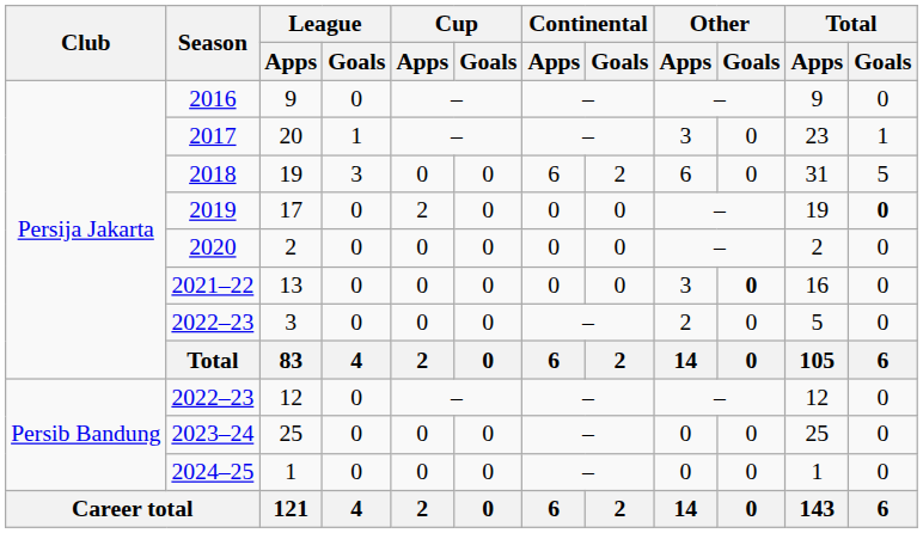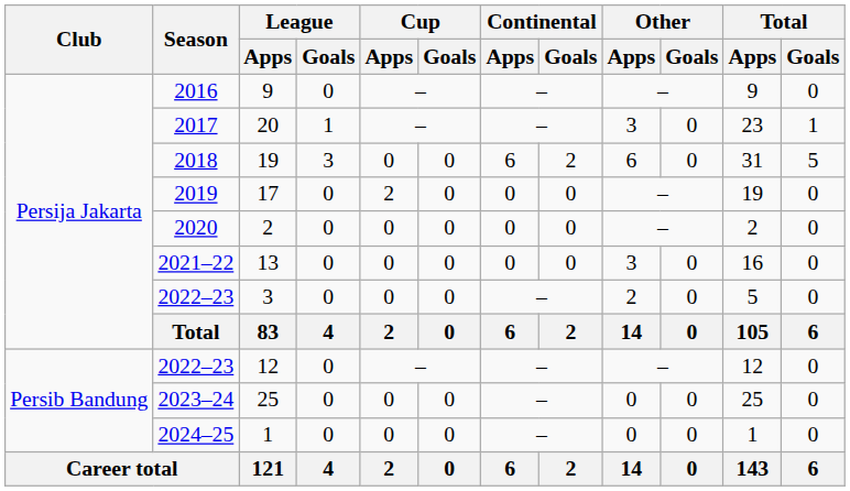 <table class=wikitable style="text-align:center">
 <tr>
 <th rowspan="2">Club</th>
 <th rowspan="2">Season</th>
 <th colspan="2">League</th>
 <th colspan="2">Cup</th>
 <th colspan="2">Continental</th>
 <th colspan="2">Other</th>
 <th colspan="2">Total</th>
 </tr>
 <tr>
 <th>Apps</th>
 <th>Goals</th>
 <th>Apps</th>
 <th>Goals</th>
 <th>Apps</th>
 <th>Goals</th>
 <th>Apps</th>
 <th>Goals</th>
 <th>Apps</th>
 <th>Goals</th>
 </tr>
 <tr>
 <td rowspan="8"><a href='#'>Persija Jakarta</a></td>
 <td><a href='#'>2016</a></td>
 <td>9</td>
 <td>0</td>
 <td colspan=2>–</td>
 <td colspan=2>–</td>
 <td colspan=2>–</td>
 <td>9</td>
 <td>0</td>
 </tr>
 <tr>
 <td><a href='#'>2017</a></td>
 <td>20</td>
 <td>1</td>
 <td colspan=2>–</td>
 <td colspan=2>–</td>
 <td>3</td>
 <td>0</td>
 <td>23</td>
 <td>1</td>
 </tr>
 <tr>
 <td><a href='#'>2018</a></td>
 <td>19</td>
 <td>3</td>
 <td>0</td>
 <td>0</td>
 <td>6</td>
 <td>2</td>
 <td>6</td>
 <td>0</td>
 <td>31</td>
 <td>5</td>
 </tr>
 <tr>
 <td><a href='#'>2019</a></td>
 <td>17</td>
 <td>0</td>
 <td>2</td>
 <td>0</td>
 <td>0</td>
 <td>0</td>
 <td colspan=2>–</td>
 <td>19</td>
-<td><strong>0</strong></td>
+<td>0</td>
 </tr>
 <tr>
 <td><a href='#'>2020</a></td>
 <td>2</td>
 <td>0</td>
 <td>0</td>
 <td>0</td>
 <td>0</td>
 <td>0</td>
 <td colspan=2>–</td>
 <td>2</td>
 <td>0</td>
 </tr>
 <tr>
 <td><a href='#'>2021–22</a></td>
 <td>13</td>
 <td>0</td>
 <td>0</td>
 <td>0</td>
 <td>0</td>
 <td>0</td>
 <td>3</td>
-<td><strong>0</strong></td>
+<td>0</td>
 <td>16</td>
 <td>0</td>
 </tr>
 <tr>
 <td><a href='#'>2022–23</a></td>
 <td>3</td>
 <td>0</td>
 <td>0</td>
 <td>0</td>
 <td colspan="2">–</td>
 <td>2</td>
 <td>0</td>
 <td>5</td>
 <td>0</td>
 </tr>
 <tr>
 <th colspan="1">Total</th>
 <th>83</th>
 <th>4</th>
 <th>2</th>
 <th>0</th>
 <th>6</th>
 <th>2</th>
 <th>14</th>
 <th>0</th>
 <th>105</th>
 <th>6</th>
 </tr>
 <tr>
 <td rowspan="3"><a href='#'>Persib Bandung</a></td>
 <td><a href='#'>2022–23</a></td>
 <td>12</td>
 <td>0</td>
 <td colspan=2>–</td>
 <td colspan=2>–</td>
 <td colspan=2>–</td>
 <td>12</td>
 <td>0</td>
 </tr>
 <tr>
 <td><a href='#'>2023–24</a></td>
 <td>25</td>
 <td>0</td>
 <td>0</td>
 <td>0</td>
 <td colspan="2">–</td>
 <td>0</td>
 <td>0</td>
 <td>25</td>
 <td>0</td>
 </tr>
 <tr>
 <td><a href='#'>2024–25</a></td>
 <td>1</td>
 <td>0</td>
 <td>0</td>
 <td>0</td>
 <td colspan="2">–</td>
 <td>0</td>
 <td>0</td>
 <td>1</td>
 <td>0</td>
 </tr>
 <tr>
 <th colspan="2">Career total</th>
 <th>121</th>
 <th>4</th>
 <th>2</th>
 <th>0</th>
 <th>6</th>
 <th>2</th>
 <th>14</th>
 <th>0</th>
 <th>143</th>
 <th>6</th>
 </tr>
 </table>
